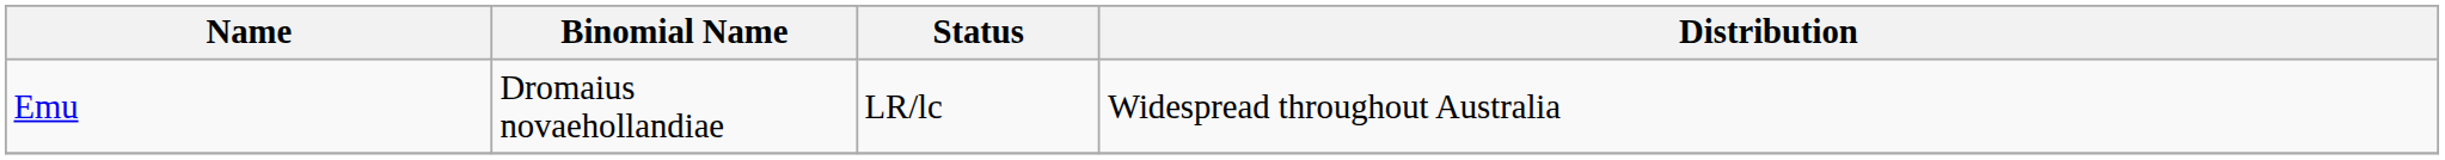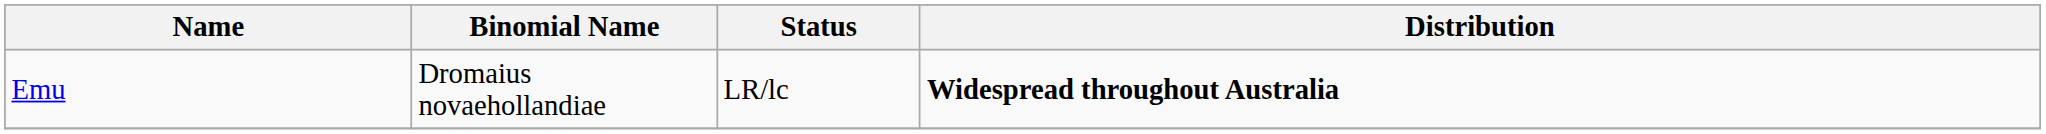 <table class="wikitable" style="width:90%">
 <tr>
 <th style="width:20%">Name</th>
 <th style="width:15%">Binomial Name</th>
 <th style="width:10%">Status</th>
 <th>Distribution</th>
 </tr>
 <tr>
 <td><a href='#'>Emu</a></td>
 <td>Dromaius novaehollandiae</td>
 <td>LR/lc</td>
-<td>Widespread throughout Australia</td>
+<td><strong>Widespread throughout Australia</strong></td>
 </tr>
 <tr>
 </tr>
 </table>
